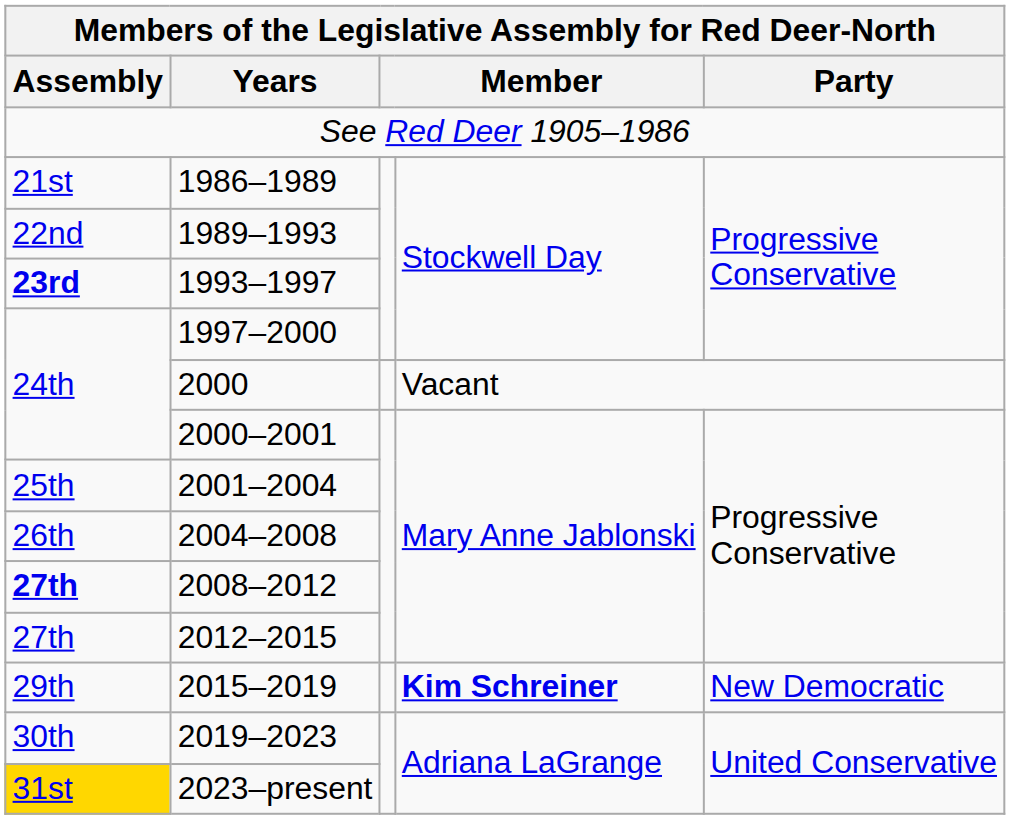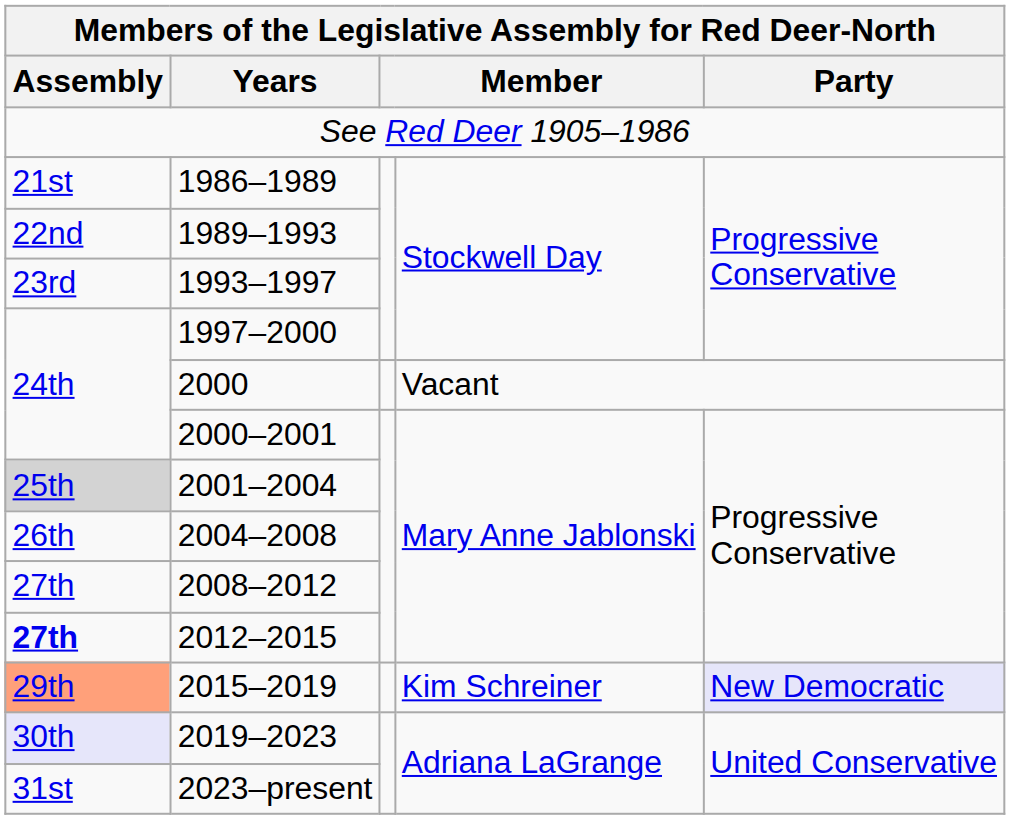 <table class="wikitable" align=right>
 <tr>
 <th colspan=5>Members of the Legislative Assembly for Red Deer-North</th>
 </tr>
 <tr>
 <th>Assembly</th>
 <th>Years</th>
 <th colspan=2>Member</th>
 <th>Party</th>
 </tr>
 <tr>
 <td align="center" colspan=5><em>See <a href='#'>Red Deer</a> 1905–1986</em></td>
 </tr>
 <tr>
 <td><a href='#'>21st</a></td>
 <td>1986–1989</td>
 <td rowspan=4 ></td>
 <td rowspan=4><a href='#'>Stockwell Day</a></td>
 <td rowspan=4><a href='#'>Progressive<br>Conservative</a></td>
 </tr>
 <tr>
 <td><a href='#'>22nd</a></td>
 <td>1989–1993</td>
 </tr>
 <tr>
-<td><strong><a href='#'>23rd</a></strong></td>
+<td><a href='#'>23rd</a></td>
 <td>1993–1997</td>
 </tr>
 <tr>
 <td rowspan=3><a href='#'>24th</a></td>
 <td>1997–2000</td>
 </tr>
 <tr>
 <td>2000</td>
 <td></td>
 <td colspan=2>Vacant</td>
 </tr>
 <tr>
 <td>2000–2001</td>
 <td rowspan=5 ></td>
 <td rowspan=5><a href='#'>Mary Anne Jablonski</a></td>
 <td rowspan=5>Progressive<br>Conservative</td>
 </tr>
 <tr>
-<td><a href='#'>25th</a></td>
+<td style="background: lightgrey;"><a href='#'>25th</a></td>
 <td>2001–2004</td>
 </tr>
 <tr>
 <td><a href='#'>26th</a></td>
 <td>2004–2008</td>
 </tr>
 <tr>
-<td><strong><a href='#'>27th</a></strong></td>
+<td><a href='#'>27th</a></td>
 <td>2008–2012</td>
 </tr>
 <tr>
-<td><a href='#'>27th</a></td>
+<td><strong><a href='#'>27th</a></strong></td>
 <td>2012–2015</td>
 </tr>
 <tr>
-<td><a href='#'>29th</a></td>
+<td style="background: lightsalmon;"><a href='#'>29th</a></td>
 <td>2015–2019</td>
 <td></td>
-<td><strong><a href='#'>Kim Schreiner</a></strong></td>
-<td><a href='#'>New Democratic</a></td>
+<td><a href='#'>Kim Schreiner</a></td>
+<td style="background: lavender;"><a href='#'>New Democratic</a></td>
 </tr>
 <tr>
-<td><a href='#'>30th</a></td>
+<td style="background: lavender;"><a href='#'>30th</a></td>
 <td>2019–2023</td>
 <td rowspan=2 ></td>
 <td rowspan=2><a href='#'>Adriana LaGrange</a></td>
 <td rowspan=2><a href='#'>United Conservative</a></td>
 </tr>
 <tr>
-<td style="background: gold;"><a href='#'>31st</a></td>
+<td><a href='#'>31st</a></td>
 <td>2023–present</td>
 </tr>
 </table>
